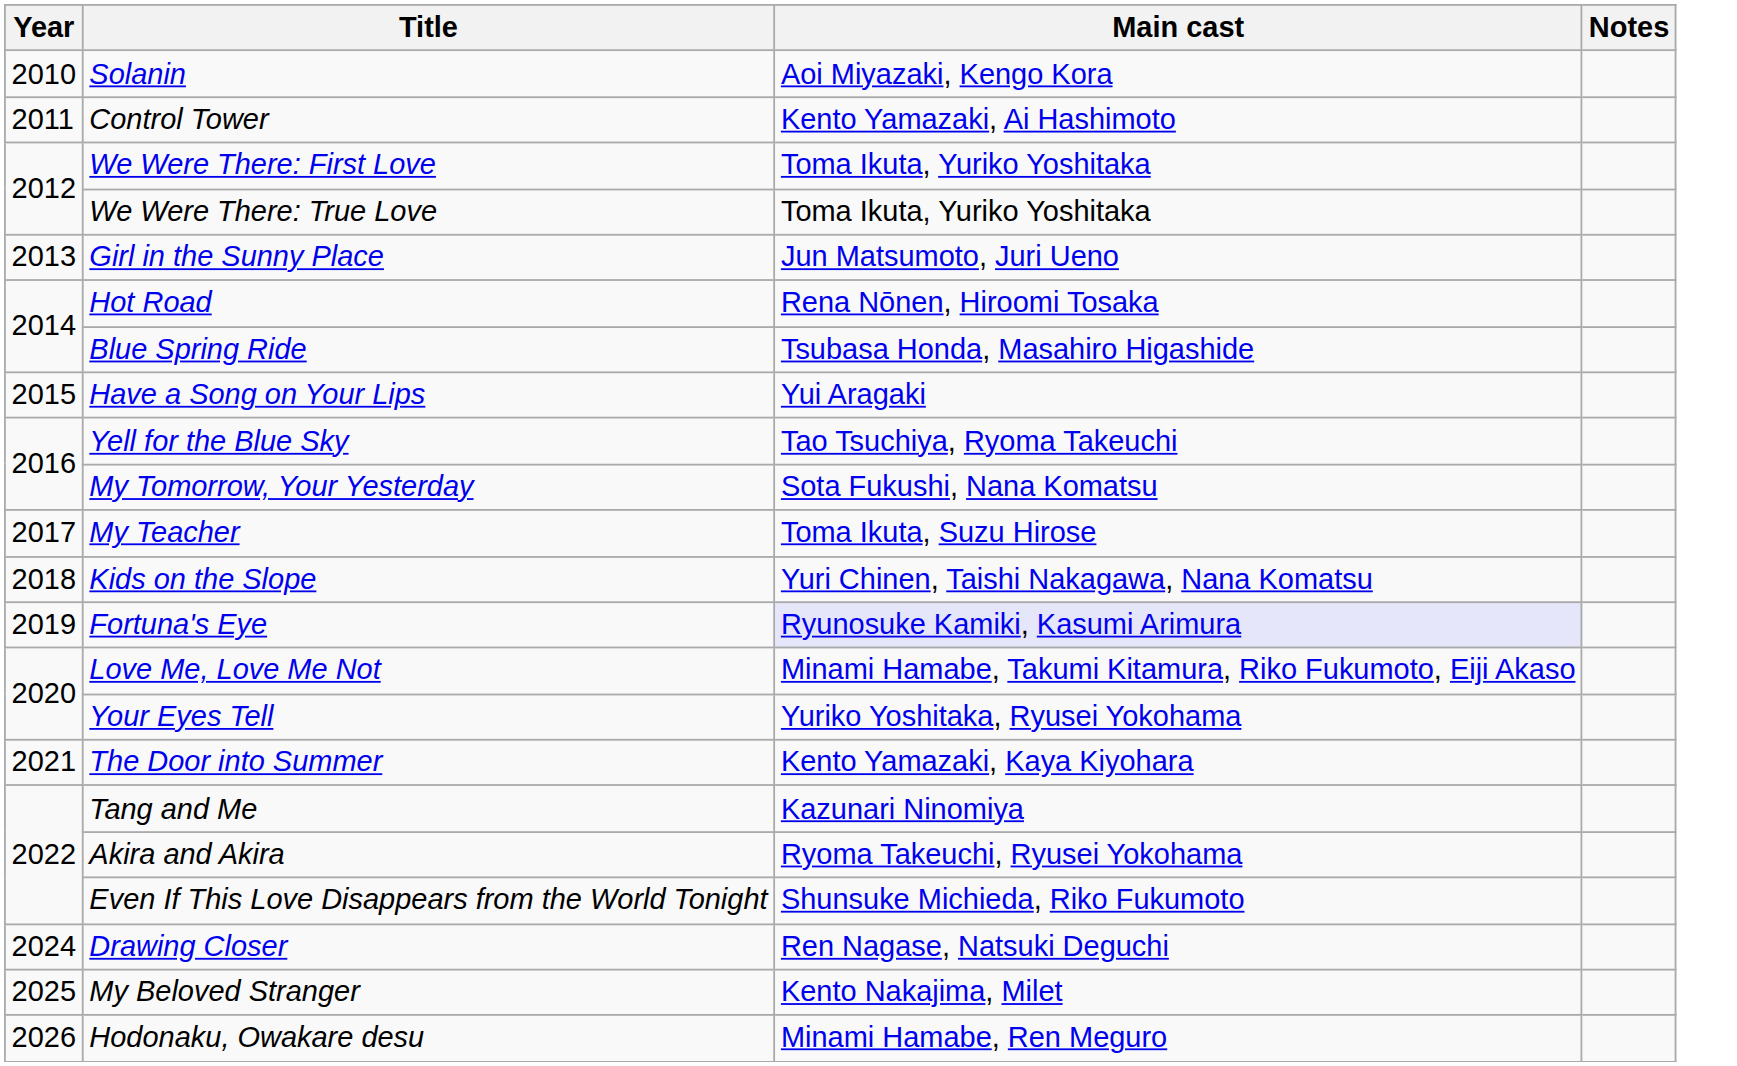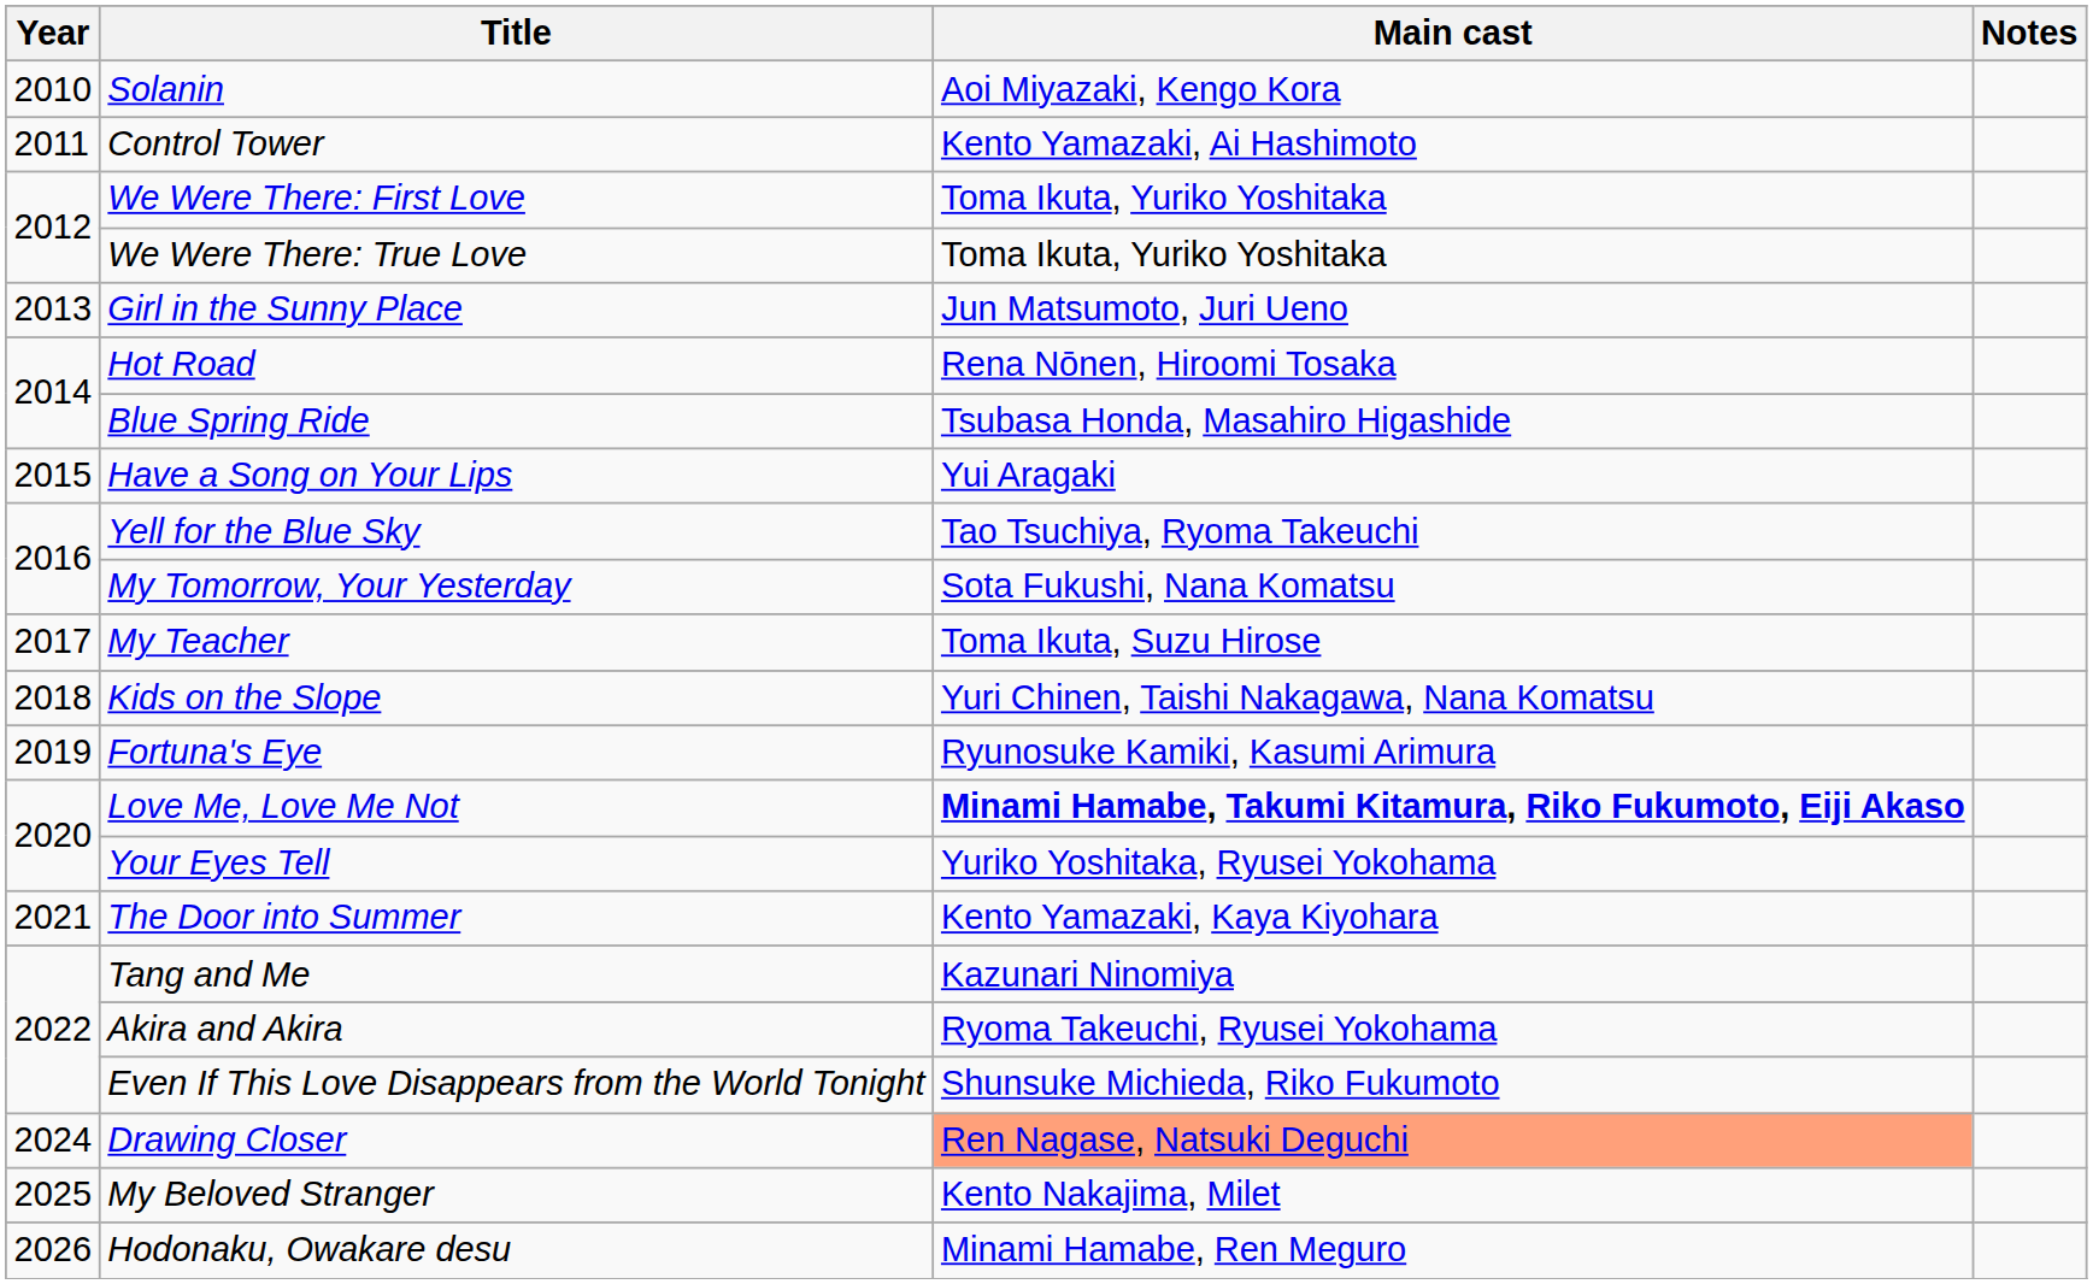 <table class="wikitable sortable">
 <tr>
 <th>Year</th>
 <th>Title</th>
 <th>Main cast</th>
 <th>Notes</th>
 </tr>
 <tr>
 <td>2010</td>
 <td><em><a href='#'>Solanin</a></em></td>
 <td><a href='#'>Aoi Miyazaki</a>, <a href='#'>Kengo Kora</a></td>
 <td></td>
 </tr>
 <tr>
 <td>2011</td>
 <td><em>Control Tower</em></td>
 <td><a href='#'>Kento Yamazaki</a>, <a href='#'>Ai Hashimoto</a></td>
 <td></td>
 </tr>
 <tr>
 <td rowspan=2>2012</td>
 <td><em><a href='#'>We Were There: First Love</a></em></td>
 <td><a href='#'>Toma Ikuta</a>, <a href='#'>Yuriko Yoshitaka</a></td>
 <td></td>
 </tr>
 <tr>
 <td><em>We Were There: True Love</em></td>
 <td>Toma Ikuta, Yuriko Yoshitaka</td>
 <td></td>
 </tr>
 <tr>
 <td>2013</td>
 <td><em><a href='#'>Girl in the Sunny Place</a></em></td>
 <td><a href='#'>Jun Matsumoto</a>, <a href='#'>Juri Ueno</a></td>
 <td></td>
 </tr>
 <tr>
 <td rowspan=2>2014</td>
 <td><em><a href='#'>Hot Road</a></em></td>
 <td><a href='#'>Rena Nōnen</a>, <a href='#'>Hiroomi Tosaka</a></td>
 <td></td>
 </tr>
 <tr>
 <td><em><a href='#'>Blue Spring Ride</a></em></td>
 <td><a href='#'>Tsubasa Honda</a>, <a href='#'>Masahiro Higashide</a></td>
 <td></td>
 </tr>
 <tr>
 <td>2015</td>
 <td><em><a href='#'>Have a Song on Your Lips</a></em></td>
 <td><a href='#'>Yui Aragaki</a></td>
 <td></td>
 </tr>
 <tr>
 <td rowspan=2>2016</td>
 <td><em><a href='#'>Yell for the Blue Sky</a></em></td>
 <td><a href='#'>Tao Tsuchiya</a>, <a href='#'>Ryoma Takeuchi</a></td>
 <td></td>
 </tr>
 <tr>
 <td><em><a href='#'>My Tomorrow, Your Yesterday</a></em></td>
 <td><a href='#'>Sota Fukushi</a>, <a href='#'>Nana Komatsu</a></td>
 <td></td>
 </tr>
 <tr>
 <td>2017</td>
 <td><em><a href='#'>My Teacher</a></em></td>
 <td><a href='#'>Toma Ikuta</a>, <a href='#'>Suzu Hirose</a></td>
 <td></td>
 </tr>
 <tr>
 <td>2018</td>
 <td><em><a href='#'>Kids on the Slope</a></em></td>
 <td><a href='#'>Yuri Chinen</a>, <a href='#'>Taishi Nakagawa</a>, <a href='#'>Nana Komatsu</a></td>
 <td></td>
 </tr>
 <tr>
 <td>2019</td>
 <td><em><a href='#'>Fortuna's Eye</a></em></td>
-<td style="background: lavender;"><a href='#'>Ryunosuke Kamiki</a>, <a href='#'>Kasumi Arimura</a></td>
+<td><a href='#'>Ryunosuke Kamiki</a>, <a href='#'>Kasumi Arimura</a></td>
 <td></td>
 </tr>
 <tr>
 <td rowspan=2>2020</td>
 <td><em><a href='#'>Love Me, Love Me Not</a></em></td>
-<td><a href='#'>Minami Hamabe</a>, <a href='#'>Takumi Kitamura</a>, <a href='#'>Riko Fukumoto</a>, <a href='#'>Eiji Akaso</a></td>
+<td><strong><a href='#'>Minami Hamabe</a>, <a href='#'>Takumi Kitamura</a>, <a href='#'>Riko Fukumoto</a>, <a href='#'>Eiji Akaso</a></strong></td>
 <td></td>
 </tr>
 <tr>
 <td><em><a href='#'>Your Eyes Tell</a></em></td>
 <td><a href='#'>Yuriko Yoshitaka</a>, <a href='#'>Ryusei Yokohama</a></td>
 <td></td>
 </tr>
 <tr>
 <td>2021</td>
 <td><em><a href='#'>The Door into Summer</a></em></td>
 <td><a href='#'>Kento Yamazaki</a>, <a href='#'>Kaya Kiyohara</a></td>
 <td></td>
 </tr>
 <tr>
 <td rowspan=3>2022</td>
 <td><em>Tang and Me</em></td>
 <td><a href='#'>Kazunari Ninomiya</a></td>
 <td></td>
 </tr>
 <tr>
 <td><em>Akira and Akira</em></td>
 <td><a href='#'>Ryoma Takeuchi</a>, <a href='#'>Ryusei Yokohama</a></td>
 <td></td>
 </tr>
 <tr>
 <td><em>Even If This Love Disappears from the World Tonight</em></td>
 <td><a href='#'>Shunsuke Michieda</a>, <a href='#'>Riko Fukumoto</a></td>
 <td></td>
 </tr>
 <tr>
 <td>2024</td>
 <td><em><a href='#'>Drawing Closer</a></em></td>
-<td><a href='#'>Ren Nagase</a>, <a href='#'>Natsuki Deguchi</a></td>
+<td style="background: lightsalmon;"><a href='#'>Ren Nagase</a>, <a href='#'>Natsuki Deguchi</a></td>
 <td></td>
 </tr>
 <tr>
 <td>2025</td>
 <td><em>My Beloved Stranger</em></td>
 <td><a href='#'>Kento Nakajima</a>, <a href='#'>Milet</a></td>
 <td></td>
 </tr>
 <tr>
 <td>2026</td>
 <td><em>Hodonaku, Owakare desu</em></td>
 <td><a href='#'>Minami Hamabe</a>, <a href='#'>Ren Meguro</a></td>
 <td></td>
 </tr>
 <tr>
 </tr>
 </table>
